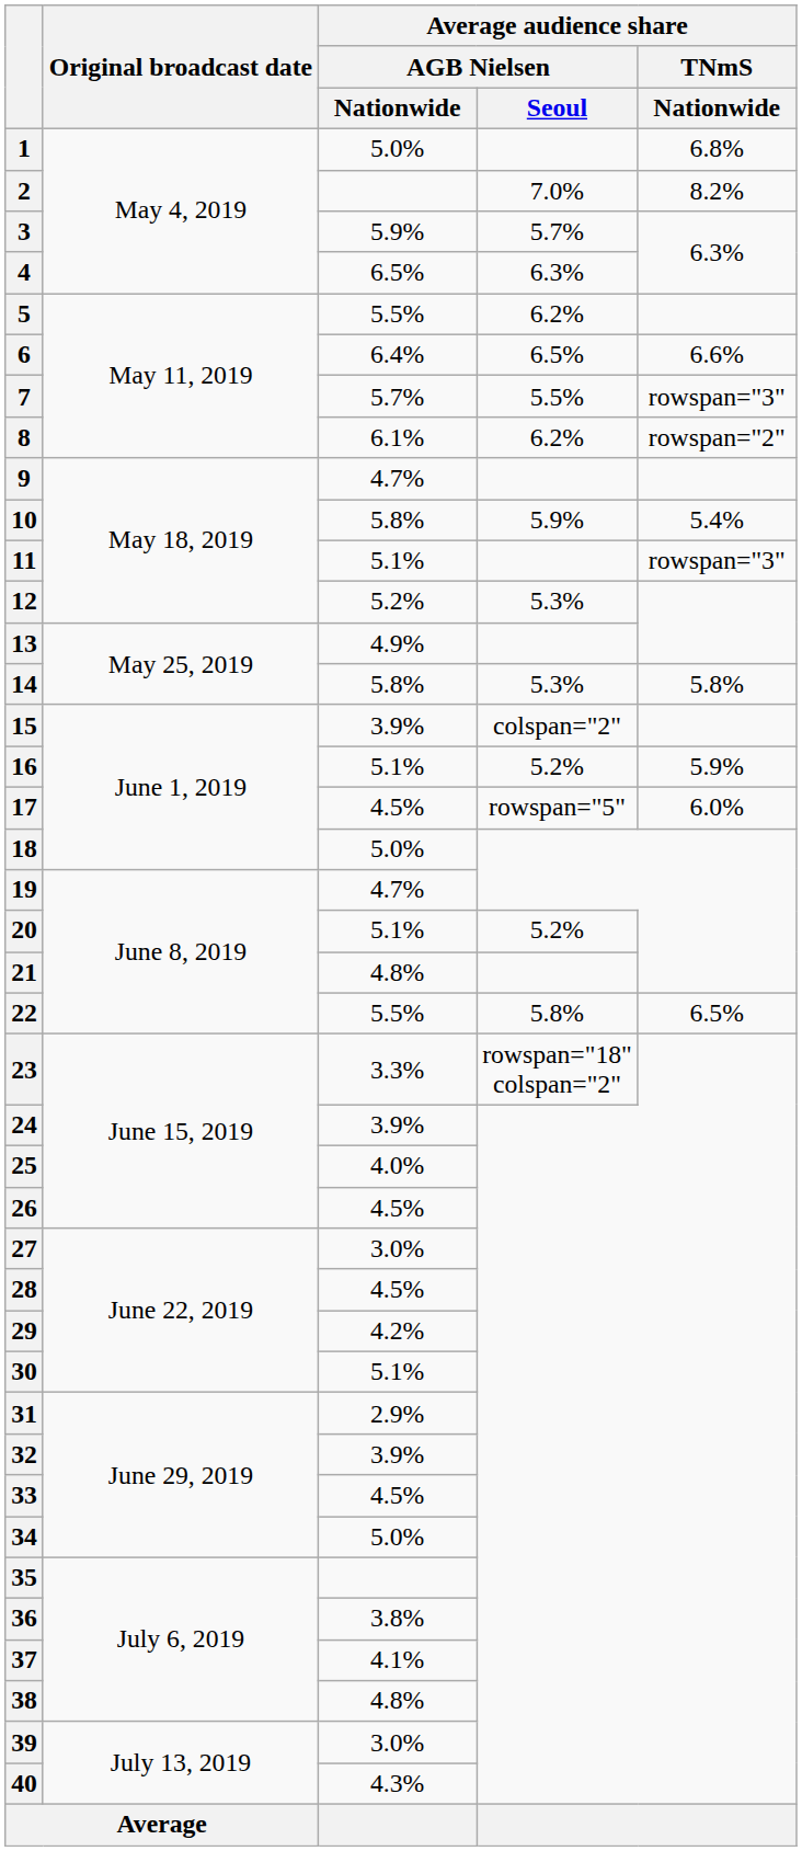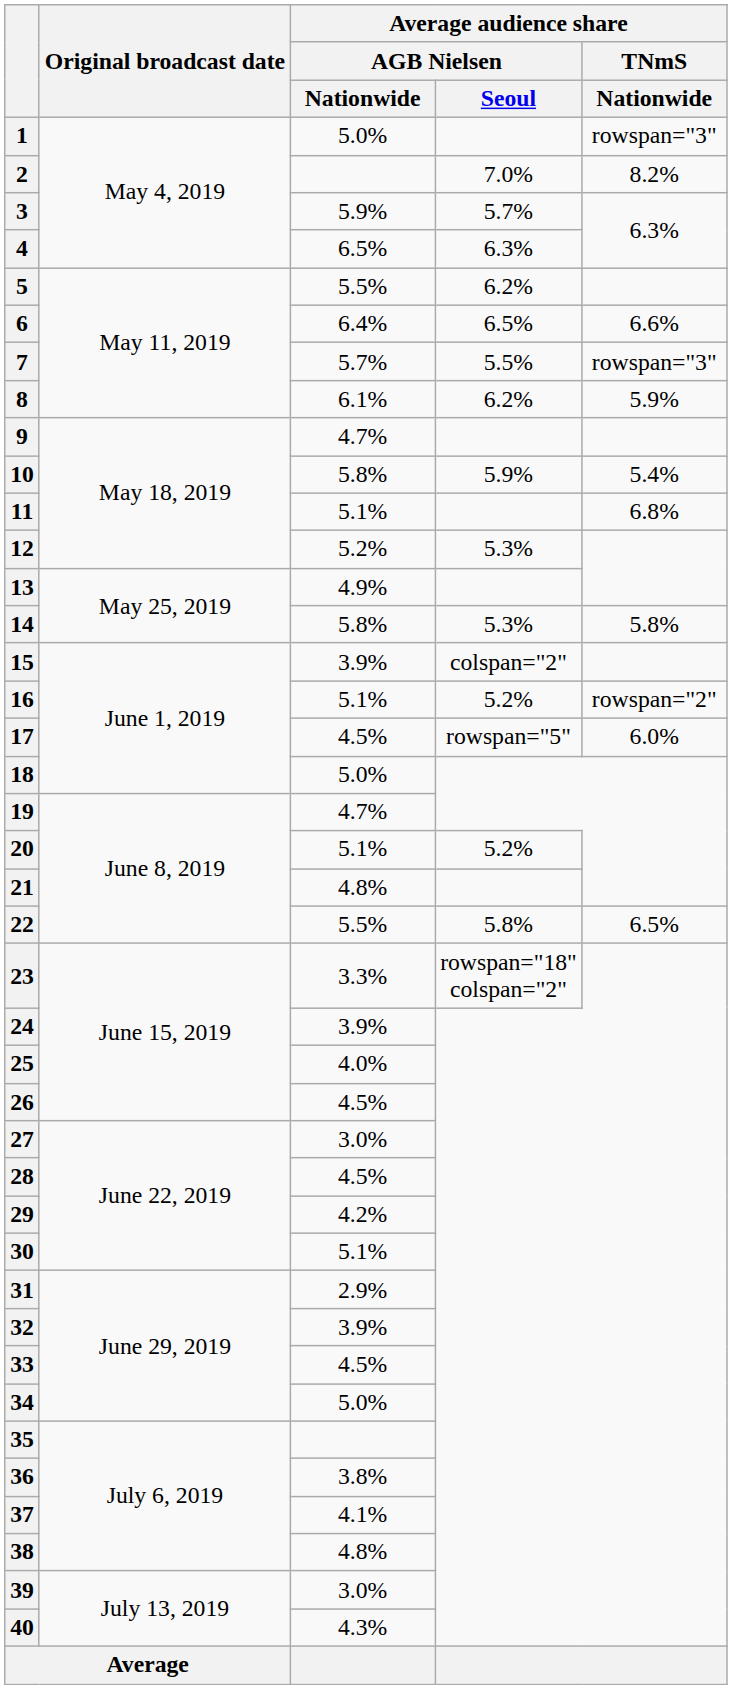 <table class="wikitable" style="text-align:center">
 <tr>
 <th rowspan="3"></th>
 <th rowspan="3">Original broadcast date</th>
 <th colspan="3">Average audience share</th>
 </tr>
 <tr>
 <th colspan="2">AGB Nielsen</th>
 <th>TNmS</th>
 </tr>
 <tr>
 <th width="90">Nationwide</th>
 <th width="90"><a href='#'>Seoul</a></th>
 <th width="90">Nationwide</th>
 </tr>
 <tr>
 <th>1</th>
 <td rowspan="4">May 4, 2019</td>
 <td>5.0% </td>
 <td></td>
-<td>6.8%</td>
+<td>rowspan="3" </td>
 </tr>
 <tr>
 <th>2</th>
 <td> </td>
 <td>7.0% </td>
 <td>8.2%</td>
 </tr>
 <tr>
 <th>3</th>
 <td>5.9% </td>
 <td>5.7% </td>
 <td rowspan="2">6.3%</td>
 </tr>
 <tr>
 <th>4</th>
 <td>6.5% </td>
 <td>6.3% </td>
 </tr>
 <tr>
 <th>5</th>
 <td rowspan="4">May 11, 2019</td>
 <td>5.5% </td>
 <td>6.2% </td>
 <td></td>
 </tr>
 <tr>
 <th>6</th>
 <td>6.4% </td>
 <td>6.5% </td>
 <td>6.6%</td>
 </tr>
 <tr>
 <th>7</th>
 <td>5.7% </td>
 <td>5.5% </td>
 <td>rowspan="3" </td>
 </tr>
 <tr>
 <th>8</th>
 <td>6.1% </td>
 <td>6.2% </td>
-<td>rowspan="2" </td>
+<td>5.9%</td>
 </tr>
 <tr>
 <th>9</th>
 <td rowspan="4">May 18, 2019</td>
 <td>4.7% </td>
 <td></td>
 </tr>
 <tr>
 <th>10</th>
 <td>5.8% </td>
 <td>5.9% </td>
 <td>5.4%</td>
 </tr>
 <tr>
 <th>11</th>
 <td>5.1% </td>
 <td></td>
-<td>rowspan="3" </td>
+<td>6.8%</td>
 </tr>
 <tr>
 <th>12</th>
 <td>5.2% </td>
 <td>5.3% </td>
 </tr>
 <tr>
 <th>13</th>
 <td rowspan="2">May 25, 2019</td>
 <td>4.9% </td>
 <td></td>
 </tr>
 <tr>
 <th>14</th>
 <td>5.8% </td>
 <td>5.3% </td>
 <td>5.8%</td>
 </tr>
 <tr>
 <th>15</th>
 <td rowspan="4">June 1, 2019</td>
 <td>3.9% </td>
 <td>colspan="2" </td>
 </tr>
 <tr>
 <th>16</th>
 <td>5.1% </td>
 <td>5.2% </td>
-<td>5.9%</td>
+<td>rowspan="2" </td>
 </tr>
 <tr>
 <th>17</th>
 <td>4.5% </td>
 <td>rowspan="5" </td>
 <td>6.0%</td>
 </tr>
 <tr>
 <th>18</th>
 <td>5.0% </td>
 </tr>
 <tr>
 <th>19</th>
 <td rowspan="4">June 8, 2019</td>
 <td>4.7% </td>
 </tr>
 <tr>
 <th>20</th>
 <td>5.1% </td>
 <td>5.2%</td>
 </tr>
 <tr>
 <th>21</th>
 <td>4.8% </td>
 <td></td>
 </tr>
 <tr>
 <th>22</th>
 <td>5.5% </td>
 <td>5.8% </td>
 <td>6.5%</td>
 </tr>
 <tr>
 <th>23</th>
 <td rowspan="4">June 15, 2019</td>
 <td>3.3% </td>
 <td>rowspan="18" colspan="2" </td>
 </tr>
 <tr>
 <th>24</th>
 <td>3.9% </td>
 </tr>
 <tr>
 <th>25</th>
 <td>4.0% </td>
 </tr>
 <tr>
 <th>26</th>
 <td>4.5% </td>
 </tr>
 <tr>
 <th>27</th>
 <td rowspan="4">June 22, 2019</td>
 <td>3.0% </td>
 </tr>
 <tr>
 <th>28</th>
 <td>4.5% </td>
 </tr>
 <tr>
 <th>29</th>
 <td>4.2% </td>
 </tr>
 <tr>
 <th>30</th>
 <td>5.1% </td>
 </tr>
 <tr>
 <th>31</th>
 <td rowspan="4">June 29, 2019</td>
 <td>2.9% </td>
 </tr>
 <tr>
 <th>32</th>
 <td>3.9% </td>
 </tr>
 <tr>
 <th>33</th>
 <td>4.5% </td>
 </tr>
 <tr>
 <th>34</th>
 <td>5.0% </td>
 </tr>
 <tr>
 <th>35</th>
 <td rowspan="4">July 6, 2019</td>
 <td> </td>
 </tr>
 <tr>
 <th>36</th>
 <td>3.8% </td>
 </tr>
 <tr>
 <th>37</th>
 <td>4.1% </td>
 </tr>
 <tr>
 <th>38</th>
 <td>4.8% </td>
 </tr>
 <tr>
 <th>39</th>
 <td rowspan="2">July 13, 2019</td>
 <td>3.0% </td>
 </tr>
 <tr>
 <th>40</th>
 <td>4.3% </td>
 </tr>
 <tr>
 <th colspan="2">Average</th>
 <th></th>
 <th colspan=2></th>
 </tr>
 </table>
